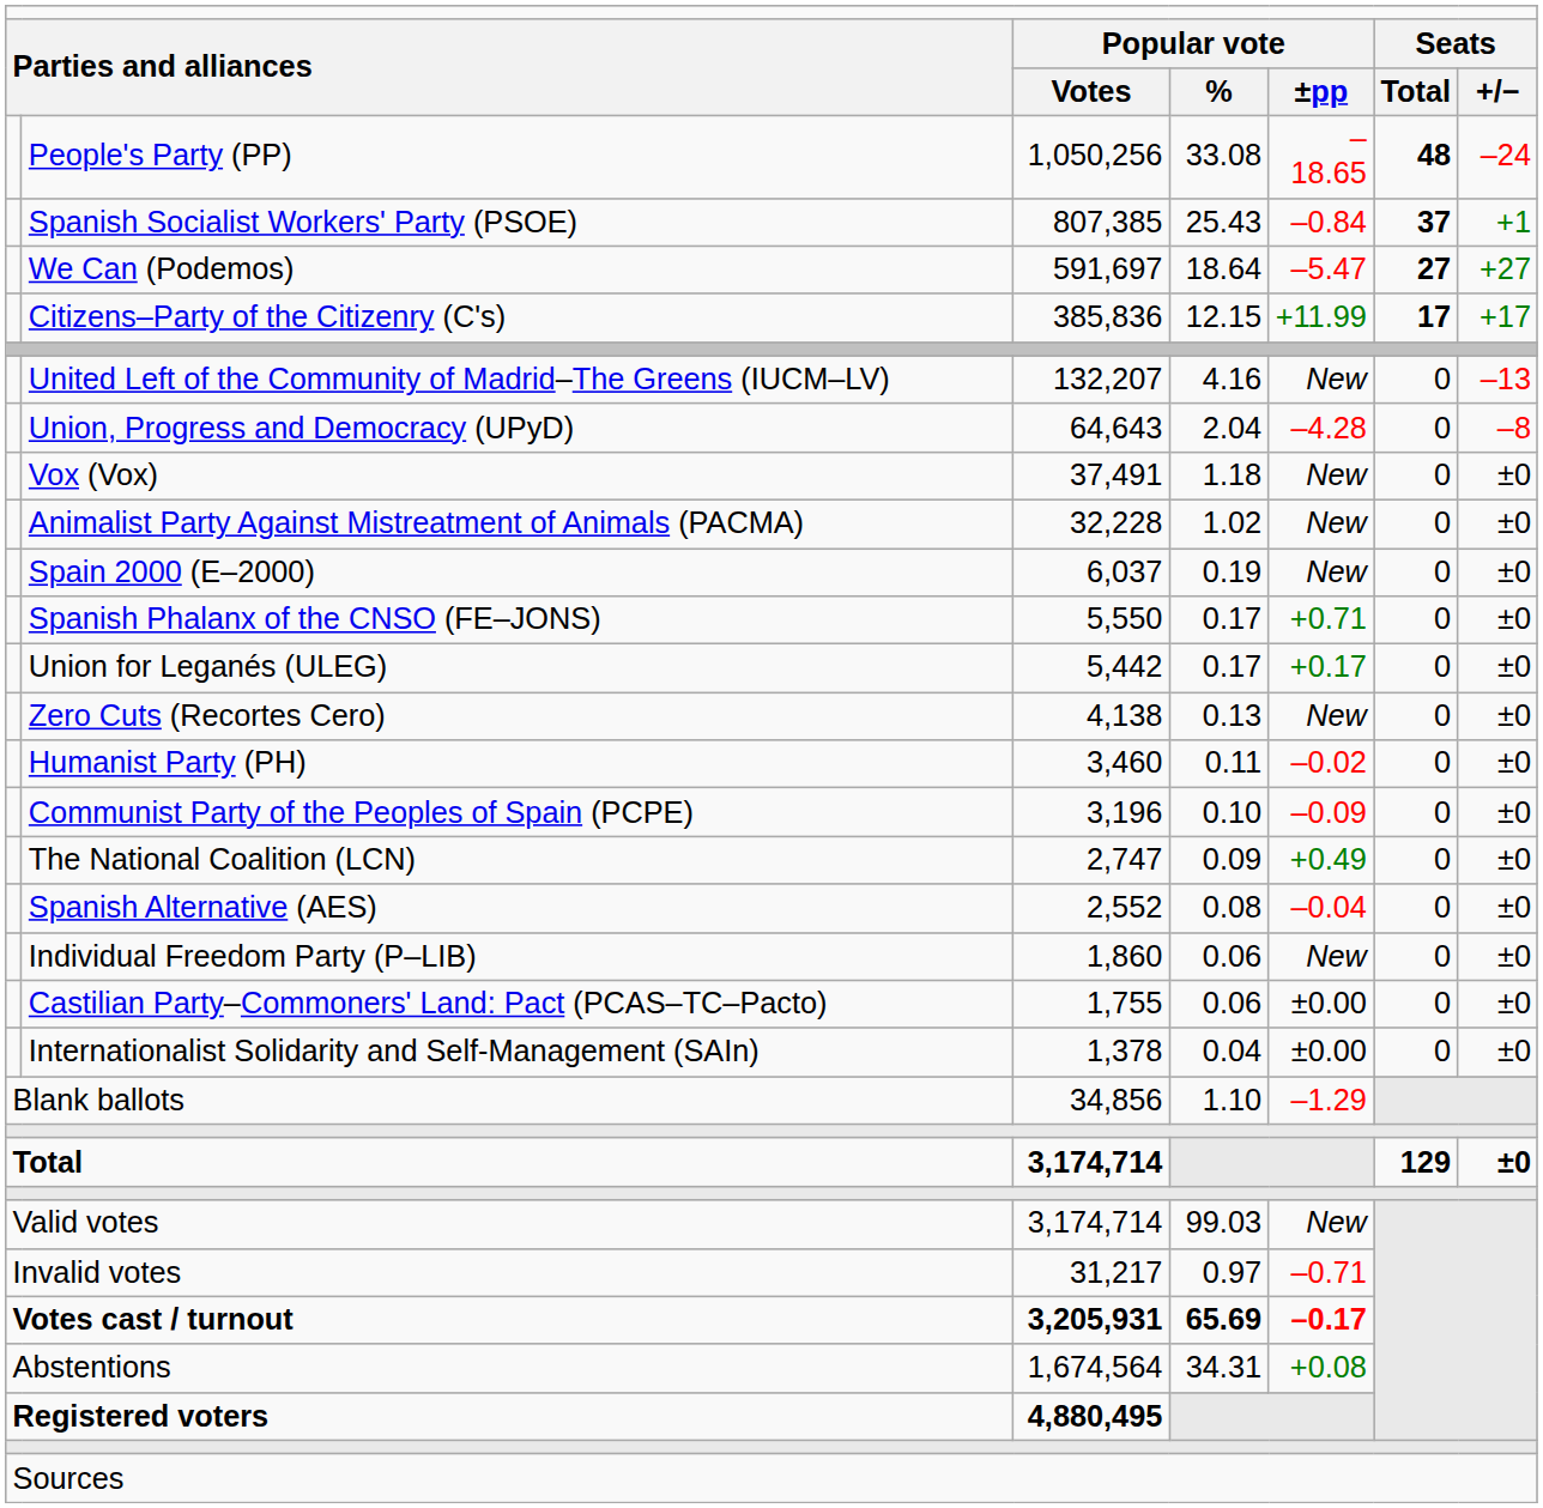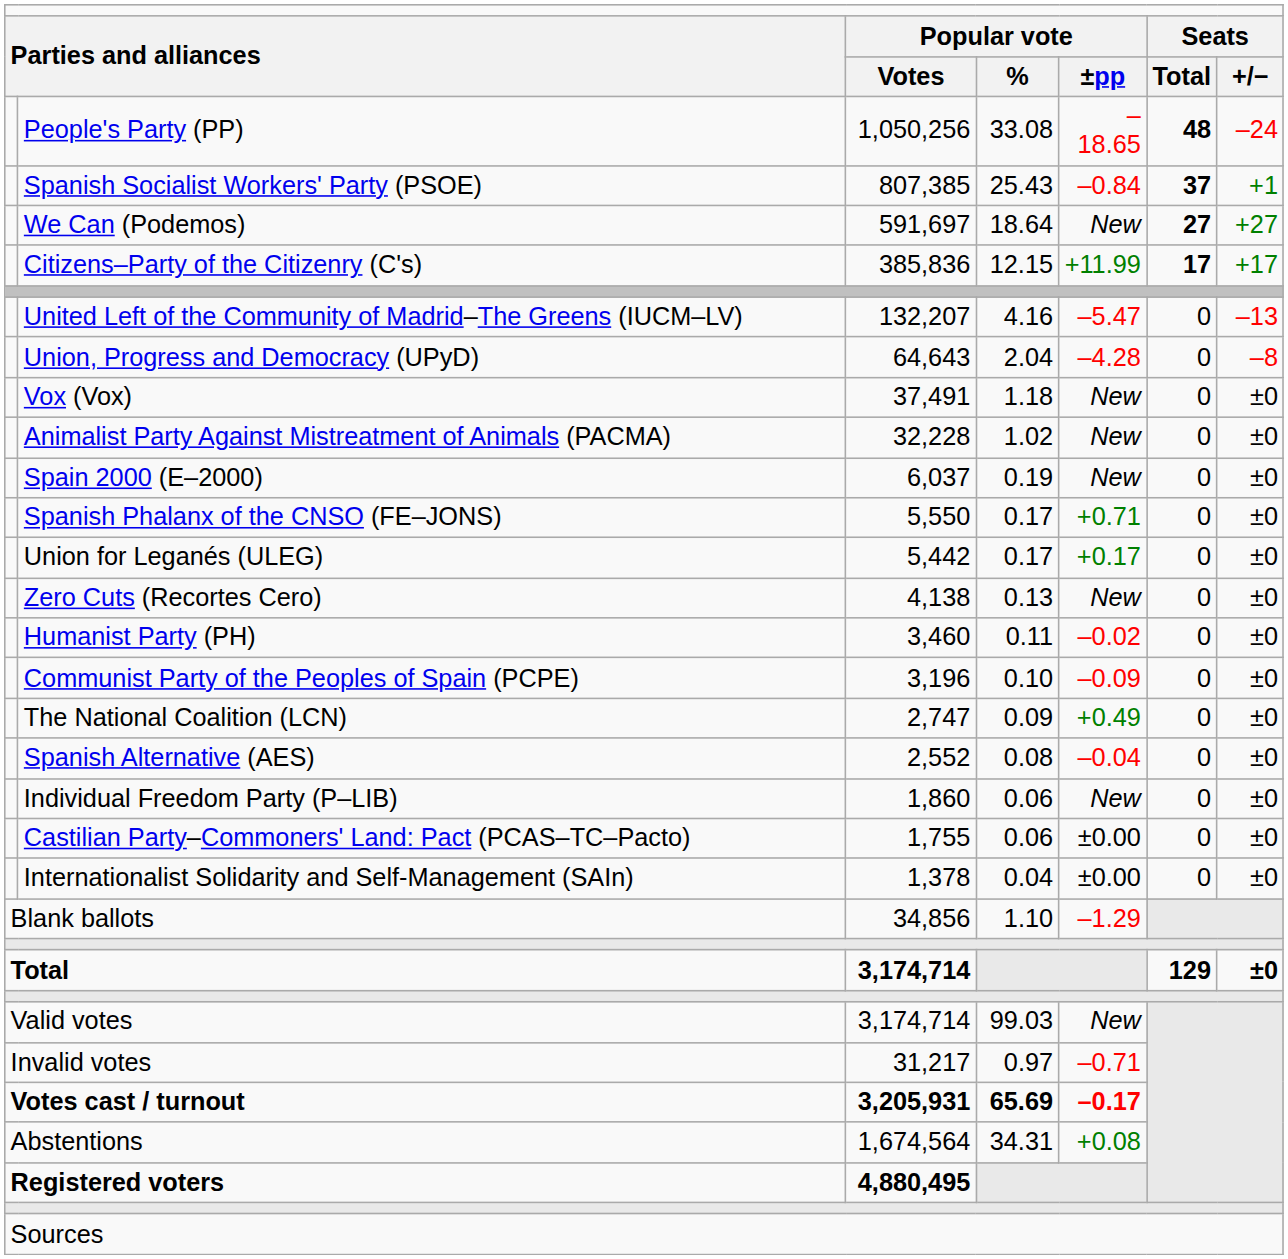 <table class="wikitable" style="text-align:right;">
 <tr>
 <td colspan="7"></td>
 </tr>
 <tr>
 <th style="text-align:left;" rowspan="2" colspan="2" width="525">Parties and alliances</th>
 <th colspan="3">Popular vote</th>
 <th colspan="2">Seats</th>
 </tr>
 <tr>
 <th width="75">Votes</th>
 <th width="45">%</th>
 <th width="45">±<a href='#'>pp</a></th>
 <th width="35">Total</th>
 <th width="35">+/−</th>
 </tr>
 <tr>
 <td width="1" style="color:inherit;background:"></td>
 <td align="left"><a href='#'>People's Party</a> (PP)</td>
 <td>1,050,256</td>
 <td>33.08</td>
 <td style="color:red;">–18.65</td>
 <td><strong>48</strong></td>
 <td style="color:red;">–24</td>
 </tr>
 <tr>
 <td style="color:inherit;background:"></td>
 <td align="left"><a href='#'>Spanish Socialist Workers' Party</a> (PSOE)</td>
 <td>807,385</td>
 <td>25.43</td>
 <td style="color:red;">–0.84</td>
 <td><strong>37</strong></td>
 <td style="color:green;">+1</td>
 </tr>
 <tr>
 <td style="color:inherit;background:"></td>
 <td align="left"><a href='#'>We Can</a> (Podemos)</td>
 <td>591,697</td>
 <td>18.64</td>
-<td style="color:red;">–5.47</td>
+<td><em>New</em></td>
 <td><strong>27</strong></td>
 <td style="color:green;">+27</td>
 </tr>
 <tr>
 <td style="color:inherit;background:"></td>
 <td align="left"><a href='#'>Citizens–Party of the Citizenry</a> (C's)</td>
 <td>385,836</td>
 <td>12.15</td>
 <td style="color:green;">+11.99</td>
 <td><strong>17</strong></td>
 <td style="color:green;">+17</td>
 </tr>
 <tr>
 <td colspan="7" bgcolor="#C0C0C0"></td>
 </tr>
 <tr>
 <td style="color:inherit;background:"></td>
 <td align="left"><a href='#'>United Left of the Community of Madrid</a>–<a href='#'>The Greens</a> (IUCM–LV)</td>
 <td>132,207</td>
 <td>4.16</td>
-<td><em>New</em></td>
+<td style="color:red;">–5.47</td>
 <td>0</td>
 <td style="color:red;">–13</td>
 </tr>
 <tr>
 <td style="color:inherit;background:"></td>
 <td align="left"><a href='#'>Union, Progress and Democracy</a> (UPyD)</td>
 <td>64,643</td>
 <td>2.04</td>
 <td style="color:red;">–4.28</td>
 <td>0</td>
 <td style="color:red;">–8</td>
 </tr>
 <tr>
 <td style="color:inherit;background:"></td>
 <td align="left"><a href='#'>Vox</a> (Vox)</td>
 <td>37,491</td>
 <td>1.18</td>
 <td><em>New</em></td>
 <td>0</td>
 <td>±0</td>
 </tr>
 <tr>
 <td style="color:inherit;background:"></td>
 <td align="left"><a href='#'>Animalist Party Against Mistreatment of Animals</a> (PACMA)</td>
 <td>32,228</td>
 <td>1.02</td>
 <td><em>New</em></td>
 <td>0</td>
 <td>±0</td>
 </tr>
 <tr>
 <td style="color:inherit;background:"></td>
 <td align="left"><a href='#'>Spain 2000</a> (E–2000)</td>
 <td>6,037</td>
 <td>0.19</td>
 <td><em>New</em></td>
 <td>0</td>
 <td>±0</td>
 </tr>
 <tr>
 <td style="color:inherit;background:"></td>
 <td align="left"><a href='#'>Spanish Phalanx of the CNSO</a> (FE–JONS)</td>
 <td>5,550</td>
 <td>0.17</td>
 <td style="color:green;">+0.71</td>
 <td>0</td>
 <td>±0</td>
 </tr>
 <tr>
 <td style="color:inherit;background:"></td>
 <td align="left">Union for Leganés (ULEG)</td>
 <td>5,442</td>
 <td>0.17</td>
 <td style="color:green;">+0.17</td>
 <td>0</td>
 <td>±0</td>
 </tr>
 <tr>
 <td style="color:inherit;background:"></td>
 <td align="left"><a href='#'>Zero Cuts</a> (Recortes Cero)</td>
 <td>4,138</td>
 <td>0.13</td>
 <td><em>New</em></td>
 <td>0</td>
 <td>±0</td>
 </tr>
 <tr>
 <td style="color:inherit;background:"></td>
 <td align="left"><a href='#'>Humanist Party</a> (PH)</td>
 <td>3,460</td>
 <td>0.11</td>
 <td style="color:red;">–0.02</td>
 <td>0</td>
 <td>±0</td>
 </tr>
 <tr>
 <td style="color:inherit;background:"></td>
 <td align="left"><a href='#'>Communist Party of the Peoples of Spain</a> (PCPE)</td>
 <td>3,196</td>
 <td>0.10</td>
 <td style="color:red;">–0.09</td>
 <td>0</td>
 <td>±0</td>
 </tr>
 <tr>
 <td style="color:inherit;background:"></td>
 <td align="left">The National Coalition (LCN)</td>
 <td>2,747</td>
 <td>0.09</td>
 <td style="color:green;">+0.49</td>
 <td>0</td>
 <td>±0</td>
 </tr>
 <tr>
 <td style="color:inherit;background:"></td>
 <td align="left"><a href='#'>Spanish Alternative</a> (AES)</td>
 <td>2,552</td>
 <td>0.08</td>
 <td style="color:red;">–0.04</td>
 <td>0</td>
 <td>±0</td>
 </tr>
 <tr>
 <td style="color:inherit;background:"></td>
 <td align="left">Individual Freedom Party (P–LIB)</td>
 <td>1,860</td>
 <td>0.06</td>
 <td><em>New</em></td>
 <td>0</td>
 <td>±0</td>
 </tr>
 <tr>
 <td style="color:inherit;background:"></td>
 <td align="left"><a href='#'>Castilian Party</a>–<a href='#'>Commoners' Land: Pact</a> (PCAS–TC–Pacto)</td>
 <td>1,755</td>
 <td>0.06</td>
 <td>±0.00</td>
 <td>0</td>
 <td>±0</td>
 </tr>
 <tr>
 <td style="color:inherit;background:"></td>
 <td align="left">Internationalist Solidarity and Self-Management (SAIn)</td>
 <td>1,378</td>
 <td>0.04</td>
 <td>±0.00</td>
 <td>0</td>
 <td>±0</td>
 </tr>
 <tr>
 <td align="left" colspan="2">Blank ballots</td>
 <td>34,856</td>
 <td>1.10</td>
 <td style="color:red;">–1.29</td>
 <td bgcolor="#E9E9E9" colspan="2"></td>
 </tr>
 <tr>
 <td colspan="7" bgcolor="#E9E9E9"></td>
 </tr>
 <tr style="font-weight:bold;">
 <td align="left" colspan="2">Total</td>
 <td>3,174,714</td>
 <td bgcolor="#E9E9E9" colspan="2"></td>
 <td>129</td>
 <td>±0</td>
 </tr>
 <tr>
 <td colspan="7" bgcolor="#E9E9E9"></td>
 </tr>
 <tr>
 <td align="left" colspan="2">Valid votes</td>
 <td>3,174,714</td>
 <td>99.03</td>
 <td><em>New</em></td>
 <td bgcolor="#E9E9E9" colspan="2" rowspan="5"></td>
 </tr>
 <tr>
 <td align="left" colspan="2">Invalid votes</td>
 <td>31,217</td>
 <td>0.97</td>
 <td style="color:red;">–0.71</td>
 </tr>
 <tr style="font-weight:bold;">
 <td align="left" colspan="2">Votes cast / turnout</td>
 <td>3,205,931</td>
 <td>65.69</td>
 <td style="color:red;">–0.17</td>
 </tr>
 <tr>
 <td align="left" colspan="2">Abstentions</td>
 <td>1,674,564</td>
 <td>34.31</td>
 <td style="color:green;">+0.08</td>
 </tr>
 <tr style="font-weight:bold;">
 <td align="left" colspan="2">Registered voters</td>
 <td>4,880,495</td>
 <td bgcolor="#E9E9E9" colspan="2"></td>
 </tr>
 <tr>
 <td colspan="7" bgcolor="#E9E9E9"></td>
 </tr>
 <tr>
 <td align="left" colspan="7">Sources</td>
 </tr>
 </table>
